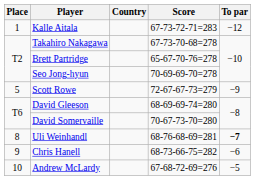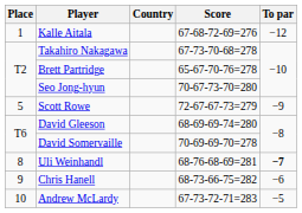 <table class="wikitable" style="font-size:95%;">
 <tr>
 <th>Place</th>
 <th>Player</th>
 <th>Country</th>
 <th>Score</th>
 <th>To par</th>
 </tr>
 <tr>
 <td align=center>1</td>
 <td><a href='#'>Kalle Aitala</a></td>
 <td></td>
-<td>67-73-72-71=283</td>
+<td>67-68-72-69=276</td>
 <td align=center>−12</td>
 </tr>
 <tr>
 <td align=center rowspan=3>T2</td>
 <td><a href='#'>Takahiro Nakagawa</a></td>
 <td></td>
 <td>67-73-70-68=278</td>
 <td align=center rowspan=3>−10</td>
 </tr>
 <tr>
 <td><a href='#'>Brett Partridge</a></td>
 <td></td>
 <td>65-67-70-76=278</td>
 </tr>
 <tr>
 <td><a href='#'>Seo Jong-hyun</a></td>
 <td></td>
-<td>70-69-69-70=278</td>
+<td>70-67-73-70=280</td>
 </tr>
 <tr>
 <td align=center>5</td>
 <td><a href='#'>Scott Rowe</a></td>
 <td></td>
 <td>72-67-67-73=279</td>
 <td align=center>−9</td>
 </tr>
 <tr>
 <td align=center rowspan=2>T6</td>
 <td><a href='#'>David Gleeson</a></td>
 <td></td>
 <td>68-69-69-74=280</td>
 <td align=center rowspan=2>−8</td>
 </tr>
 <tr>
 <td><a href='#'>David Somervaille</a></td>
 <td></td>
-<td>70-67-73-70=280</td>
+<td>70-69-69-70=278</td>
 </tr>
 <tr>
 <td align=center>8</td>
 <td><a href='#'>Uli Weinhandl</a></td>
 <td></td>
 <td>68-76-68-69=281</td>
 <td align=center><strong>−7</strong></td>
 </tr>
 <tr>
 <td align=center>9</td>
 <td><a href='#'>Chris Hanell</a></td>
 <td></td>
 <td>68-73-66-75=282</td>
 <td align=center>−6</td>
 </tr>
 <tr>
 <td align=center>10</td>
 <td><a href='#'>Andrew McLardy</a></td>
 <td></td>
-<td>67-68-72-69=276</td>
+<td>67-73-72-71=283</td>
 <td align=center>−5</td>
 </tr>
 </table>
